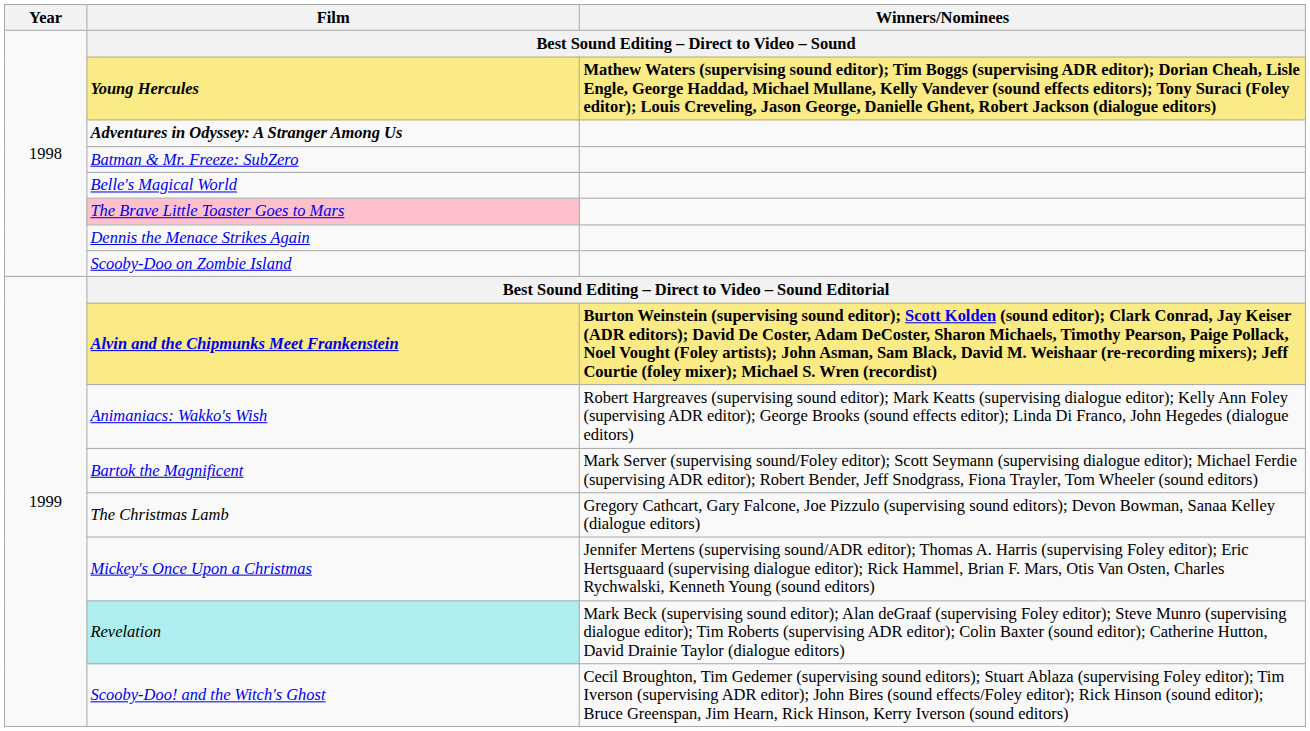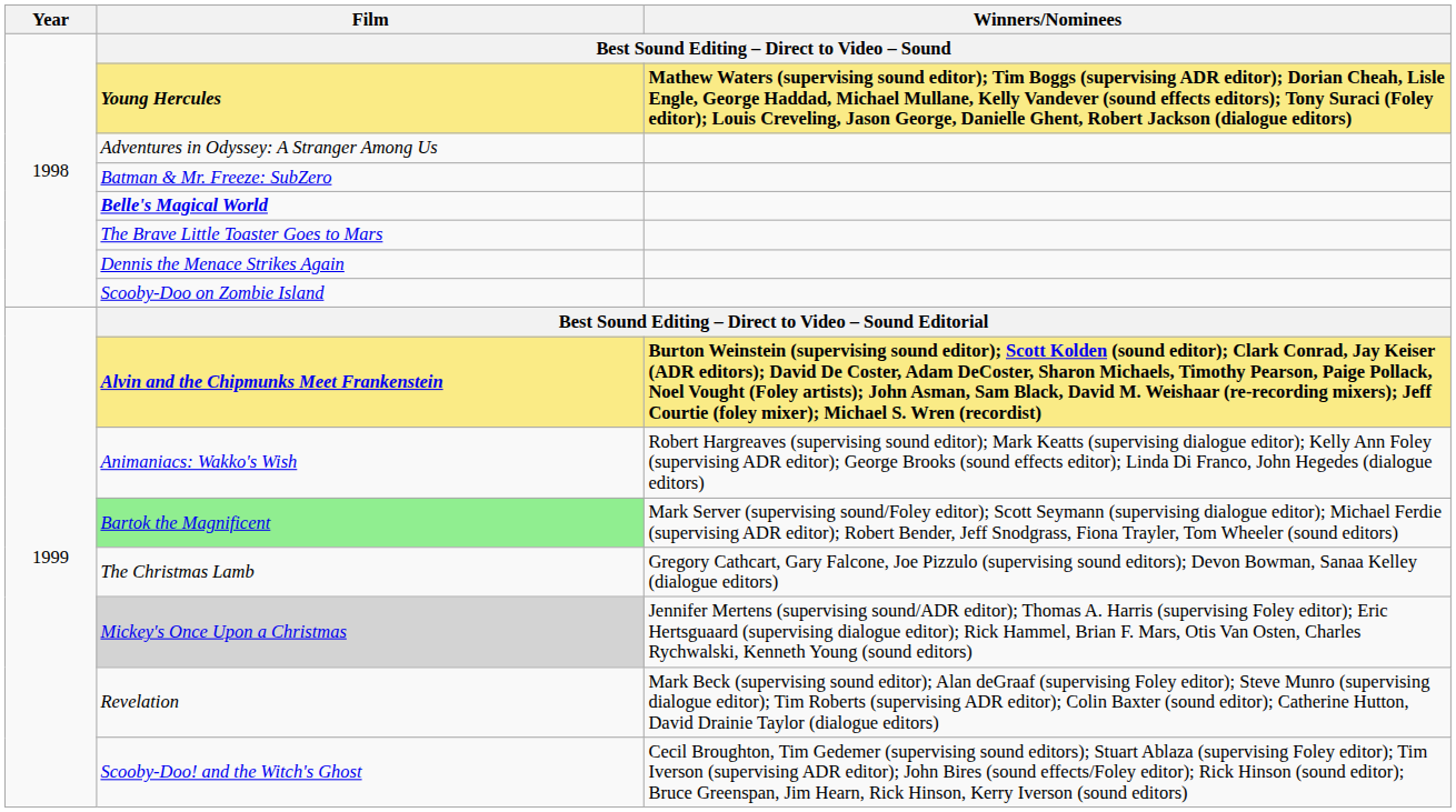 <table class="wikitable" width="100%" cellpadding="5">
 <tr>
 <th width="6%">Year</th>
 <th width="36%">Film</th>
 <th width="53%">Winners/Nominees</th>
 </tr>
 <tr>
 <td rowspan=8 style="text-align:center">1998</td>
 <th colspan="2">Best Sound Editing – Direct to Video – Sound</th>
 </tr>
 <tr>
 <td style="background:#FAEB86;"><strong><em>Young Hercules</em></strong></td>
 <td style="background:#FAEB86;"><strong>Mathew Waters (supervising sound editor); Tim Boggs (supervising ADR editor); Dorian Cheah, Lisle Engle, George Haddad, Michael Mullane, Kelly Vandever (sound effects editors); Tony Suraci (Foley editor); Louis Creveling, Jason George, Danielle Ghent, Robert Jackson (dialogue editors)</strong></td>
 </tr>
 <tr>
-<td><strong><em>Adventures in Odyssey: A Stranger Among Us</em></strong></td>
+<td><em>Adventures in Odyssey: A Stranger Among Us</em></td>
 <td></td>
 </tr>
 <tr>
 <td><em><a href='#'>Batman & Mr. Freeze: SubZero</a></em></td>
 <td></td>
 </tr>
 <tr>
-<td><em><a href='#'>Belle's Magical World</a></em></td>
+<td><strong><em><a href='#'>Belle's Magical World</a></em></strong></td>
 <td></td>
 </tr>
 <tr>
-<td style="background: pink;"><em><a href='#'>The Brave Little Toaster Goes to Mars</a></em></td>
+<td><em><a href='#'>The Brave Little Toaster Goes to Mars</a></em></td>
 <td></td>
 </tr>
 <tr>
 <td><em><a href='#'>Dennis the Menace Strikes Again</a></em></td>
 <td></td>
 </tr>
 <tr>
 <td><em><a href='#'>Scooby-Doo on Zombie Island</a></em></td>
 <td></td>
 </tr>
 <tr>
 <td rowspan=8 style="text-align:center">1999</td>
 <th colspan="2">Best Sound Editing – Direct to Video – Sound Editorial</th>
 </tr>
 <tr>
 <td style="background:#FAEB86;"><strong><em><a href='#'>Alvin and the Chipmunks Meet Frankenstein</a></em></strong></td>
 <td style="background:#FAEB86;"><strong>Burton Weinstein (supervising sound editor); <a href='#'>Scott Kolden</a> (sound editor); Clark Conrad, Jay Keiser (ADR editors); David De Coster, Adam DeCoster, Sharon Michaels, Timothy Pearson, Paige Pollack, Noel Vought (Foley artists); John Asman, Sam Black, David M. Weishaar (re-recording mixers); Jeff Courtie (foley mixer); Michael S. Wren (recordist)</strong></td>
 </tr>
 <tr>
 <td><em><a href='#'>Animaniacs: Wakko's Wish</a></em></td>
 <td>Robert Hargreaves (supervising sound editor); Mark Keatts (supervising dialogue editor); Kelly Ann Foley (supervising ADR editor); George Brooks (sound effects editor); Linda Di Franco, John Hegedes (dialogue editors)</td>
 </tr>
 <tr>
-<td><em><a href='#'>Bartok the Magnificent</a></em></td>
+<td style="background: lightgreen;"><em><a href='#'>Bartok the Magnificent</a></em></td>
 <td>Mark Server (supervising sound/Foley editor); Scott Seymann (supervising dialogue editor); Michael Ferdie (supervising ADR editor); Robert Bender, Jeff Snodgrass, Fiona Trayler, Tom Wheeler (sound editors)</td>
 </tr>
 <tr>
 <td><em>The Christmas Lamb</em></td>
 <td>Gregory Cathcart, Gary Falcone, Joe Pizzulo (supervising sound editors); Devon Bowman, Sanaa Kelley (dialogue editors)</td>
 </tr>
 <tr>
-<td><em><a href='#'>Mickey's Once Upon a Christmas</a></em></td>
+<td style="background: lightgrey;"><em><a href='#'>Mickey's Once Upon a Christmas</a></em></td>
 <td>Jennifer Mertens (supervising sound/ADR editor); Thomas A. Harris (supervising Foley editor); Eric Hertsguaard (supervising dialogue editor); Rick Hammel, Brian F. Mars, Otis Van Osten, Charles Rychwalski, Kenneth Young (sound editors)</td>
 </tr>
 <tr>
-<td style="background: paleturquoise;"><em>Revelation</em></td>
+<td><em>Revelation</em></td>
 <td>Mark Beck (supervising sound editor); Alan deGraaf (supervising Foley editor); Steve Munro (supervising dialogue editor); Tim Roberts (supervising ADR editor); Colin Baxter (sound editor); Catherine Hutton, David Drainie Taylor (dialogue editors)</td>
 </tr>
 <tr>
 <td><em><a href='#'>Scooby-Doo! and the Witch's Ghost</a></em></td>
 <td>Cecil Broughton, Tim Gedemer (supervising sound editors); Stuart Ablaza (supervising Foley editor); Tim Iverson (supervising ADR editor); John Bires (sound effects/Foley editor); Rick Hinson (sound editor); Bruce Greenspan, Jim Hearn, Rick Hinson, Kerry Iverson (sound editors)</td>
 </tr>
 </table>
